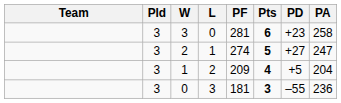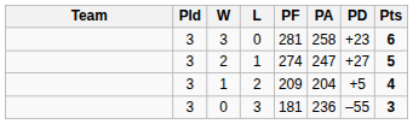 <table class=wikitable style="text-align:center">
 <tr>
 <th width=180>Team</th>
 <th width=30>Pld</th>
 <th width=30>W</th>
 <th width=30>L</th>
 <th width=30>PF</th>
+<th width=30>PA</th>
+<th width=30>PD</th>
 <th width=30>Pts</th>
-<th width=30>PD</th>
-<th width=30>PA</th>
 </tr>
 <tr>
 <td align="left"></td>
 <td>3</td>
 <td>3</td>
 <td>0</td>
 <td>281</td>
+<td>258</td>
+<td>+23</td>
 <td><strong>6</strong></td>
-<td>+23</td>
-<td>258</td>
 </tr>
 <tr>
 <td align="left"></td>
 <td>3</td>
 <td>2</td>
 <td>1</td>
 <td>274</td>
+<td>247</td>
+<td>+27</td>
 <td><strong>5</strong></td>
-<td>+27</td>
-<td>247</td>
 </tr>
 <tr>
 <td align="left"></td>
 <td>3</td>
 <td>1</td>
 <td>2</td>
 <td>209</td>
+<td>204</td>
+<td>+5</td>
 <td><strong>4</strong></td>
-<td>+5</td>
-<td>204</td>
 </tr>
 <tr>
 <td align="left"></td>
 <td>3</td>
 <td>0</td>
 <td>3</td>
 <td>181</td>
+<td>236</td>
+<td>–55</td>
 <td><strong>3</strong></td>
-<td>–55</td>
-<td>236</td>
 </tr>
 </table>
